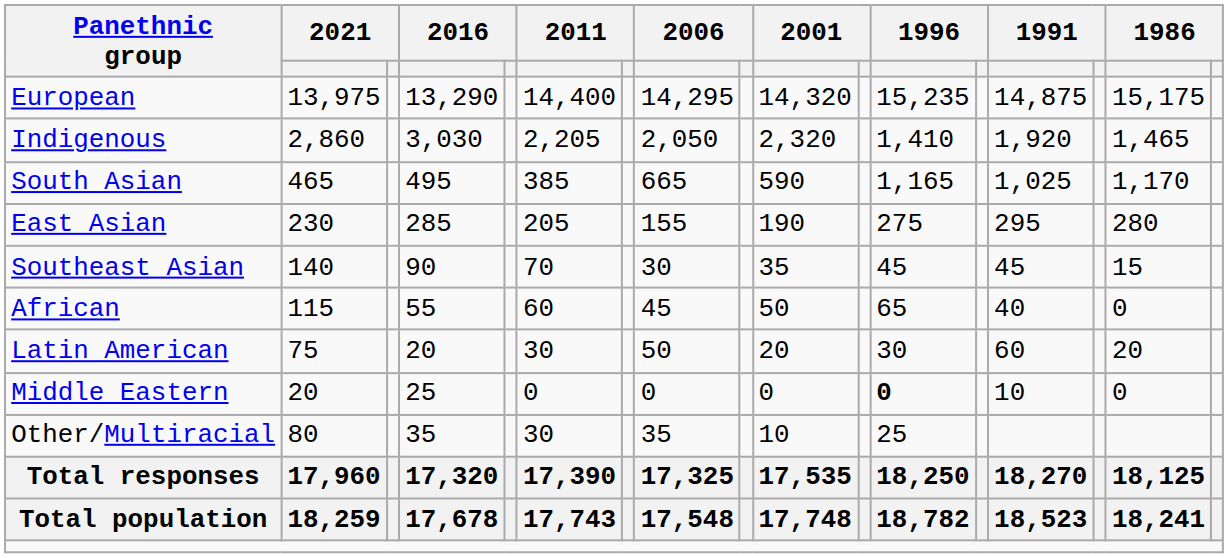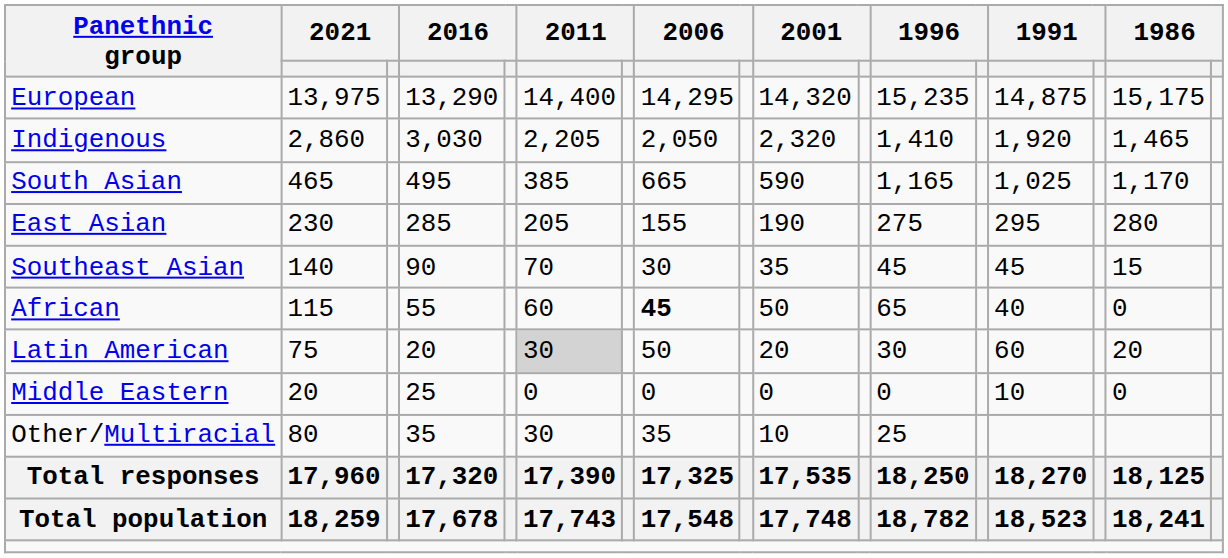 <table class="wikitable collapsible sortable">
 <tr>
 <th rowspan="2"><a href='#'>Panethnic</a><br>group</th>
 <th colspan="2">2021</th>
 <th colspan="2">2016</th>
 <th colspan="2">2011</th>
 <th colspan="2">2006</th>
 <th colspan="2">2001</th>
 <th colspan="2">1996</th>
 <th colspan="2">1991</th>
 <th colspan="2">1986</th>
 </tr>
 <tr>
 <th><a href='#'></a></th>
 <th></th>
 <th></th>
 <th></th>
 <th></th>
 <th></th>
 <th></th>
 <th></th>
 <th></th>
 <th></th>
 <th></th>
 <th></th>
 <th></th>
 <th></th>
 <th></th>
 <th></th>
 </tr>
 <tr>
 <td><a href='#'>European</a></td>
 <td>13,975</td>
 <td></td>
 <td>13,290</td>
 <td></td>
 <td>14,400</td>
 <td></td>
 <td>14,295</td>
 <td></td>
 <td>14,320</td>
 <td></td>
 <td>15,235</td>
 <td></td>
 <td>14,875</td>
 <td></td>
 <td>15,175</td>
 <td></td>
 </tr>
 <tr>
 <td><a href='#'>Indigenous</a></td>
 <td>2,860</td>
 <td></td>
 <td>3,030</td>
 <td></td>
 <td>2,205</td>
 <td></td>
 <td>2,050</td>
 <td></td>
 <td>2,320</td>
 <td></td>
 <td>1,410</td>
 <td></td>
 <td>1,920</td>
 <td></td>
 <td>1,465</td>
 <td></td>
 </tr>
 <tr>
 <td><a href='#'>South Asian</a></td>
 <td>465</td>
 <td></td>
 <td>495</td>
 <td></td>
 <td>385</td>
 <td></td>
 <td>665</td>
 <td></td>
 <td>590</td>
 <td></td>
 <td>1,165</td>
 <td></td>
 <td>1,025</td>
 <td></td>
 <td>1,170</td>
 <td></td>
 </tr>
 <tr>
 <td><a href='#'>East Asian</a></td>
 <td>230</td>
 <td></td>
 <td>285</td>
 <td></td>
 <td>205</td>
 <td></td>
 <td>155</td>
 <td></td>
 <td>190</td>
 <td></td>
 <td>275</td>
 <td></td>
 <td>295</td>
 <td></td>
 <td>280</td>
 <td></td>
 </tr>
 <tr>
 <td><a href='#'>Southeast Asian</a></td>
 <td>140</td>
 <td></td>
 <td>90</td>
 <td></td>
 <td>70</td>
 <td></td>
 <td>30</td>
 <td></td>
 <td>35</td>
 <td></td>
 <td>45</td>
 <td></td>
 <td>45</td>
 <td></td>
 <td>15</td>
 <td></td>
 </tr>
 <tr>
 <td><a href='#'>African</a></td>
 <td>115</td>
 <td></td>
 <td>55</td>
 <td></td>
 <td>60</td>
 <td></td>
-<td>45</td>
+<td><strong>45</strong></td>
 <td></td>
 <td>50</td>
 <td></td>
 <td>65</td>
 <td></td>
 <td>40</td>
 <td></td>
 <td>0</td>
 <td></td>
 </tr>
 <tr>
 <td><a href='#'>Latin American</a></td>
 <td>75</td>
 <td></td>
 <td>20</td>
 <td></td>
-<td>30</td>
+<td style="background: lightgrey;">30</td>
 <td></td>
 <td>50</td>
 <td></td>
 <td>20</td>
 <td></td>
 <td>30</td>
 <td></td>
 <td>60</td>
 <td></td>
 <td>20</td>
 <td></td>
 </tr>
 <tr>
 <td><a href='#'>Middle Eastern</a></td>
 <td>20</td>
 <td></td>
 <td>25</td>
 <td></td>
 <td>0</td>
 <td></td>
 <td>0</td>
 <td></td>
 <td>0</td>
 <td></td>
-<td><strong>0</strong></td>
+<td>0</td>
 <td></td>
 <td>10</td>
 <td></td>
 <td>0</td>
 <td></td>
 </tr>
 <tr>
 <td>Other/<a href='#'>Multiracial</a></td>
 <td>80</td>
 <td></td>
 <td>35</td>
 <td></td>
 <td>30</td>
 <td></td>
 <td>35</td>
 <td></td>
 <td>10</td>
 <td></td>
 <td>25</td>
 <td></td>
 <td></td>
 <td></td>
 <td></td>
 <td></td>
 </tr>
 <tr>
 <th>Total responses</th>
 <th>17,960</th>
 <th></th>
 <th>17,320</th>
 <th></th>
 <th>17,390</th>
 <th></th>
 <th>17,325</th>
 <th></th>
 <th>17,535</th>
 <th></th>
 <th>18,250</th>
 <th></th>
 <th>18,270</th>
 <th></th>
 <th>18,125</th>
 <th></th>
 </tr>
 <tr>
 <th>Total population</th>
 <th>18,259</th>
 <th></th>
 <th>17,678</th>
 <th></th>
 <th>17,743</th>
 <th></th>
 <th>17,548</th>
 <th></th>
 <th>17,748</th>
 <th></th>
 <th>18,782</th>
 <th></th>
 <th>18,523</th>
 <th></th>
 <th>18,241</th>
 <th></th>
 </tr>
 <tr class="sortbottom">
 <td colspan="20"></td>
 </tr>
 </table>
